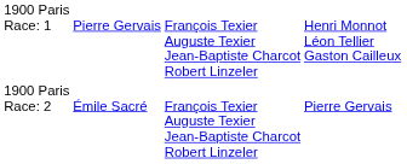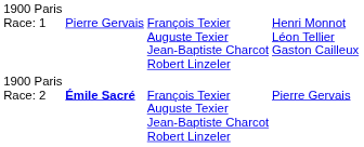 <table>
 <tr valign="top">
 <td style="align:center;">1900 Paris <br>Race: 1<br></td>
 <td style="vertical-align:top;"><br><a href='#'>Pierre Gervais</a></td>
 <td style="vertical-align:top;"><br><a href='#'>François Texier</a><br><a href='#'>Auguste Texier</a><br><a href='#'>Jean-Baptiste Charcot</a><br><a href='#'>Robert Linzeler</a></td>
 <td style="vertical-align:top;"><br><a href='#'>Henri Monnot</a><br><a href='#'>Léon Tellier</a><br><a href='#'>Gaston Cailleux</a></td>
 </tr>
 <tr valign="top">
 <td style="align:center;">1900 Paris <br>Race: 2<br></td>
-<td style="vertical-align:top;"><br><a href='#'>Émile Sacré</a></td>
+<td style="vertical-align:top;"><strong><br><a href='#'>Émile Sacré</a></strong></td>
 <td style="vertical-align:top;"><br><a href='#'>François Texier</a><br><a href='#'>Auguste Texier</a><br><a href='#'>Jean-Baptiste Charcot</a><br><a href='#'>Robert Linzeler</a></td>
 <td style="vertical-align:top;"><br><a href='#'>Pierre Gervais</a></td>
 </tr>
 </table>
